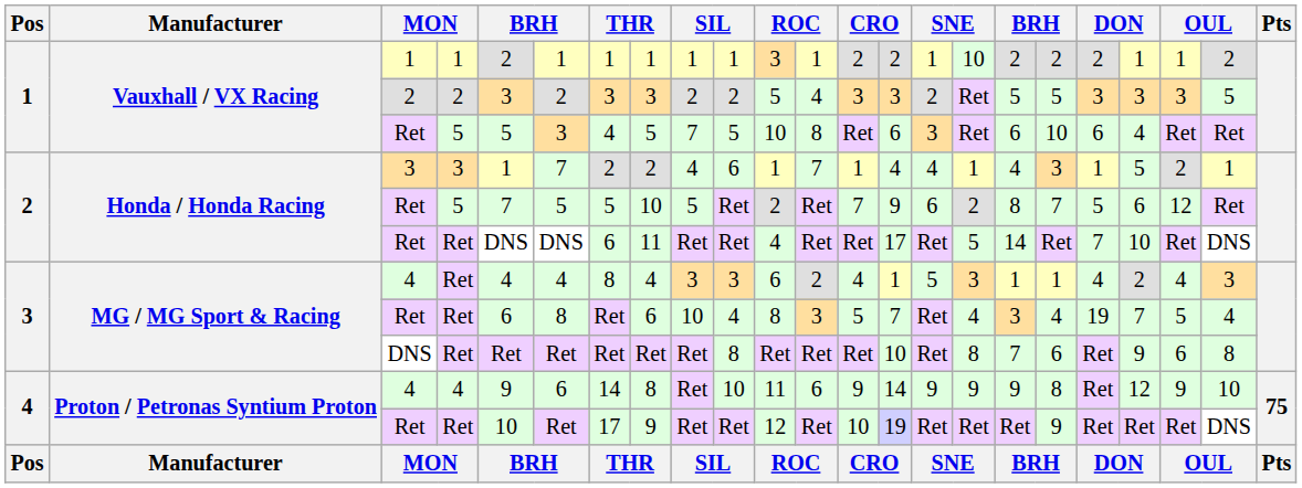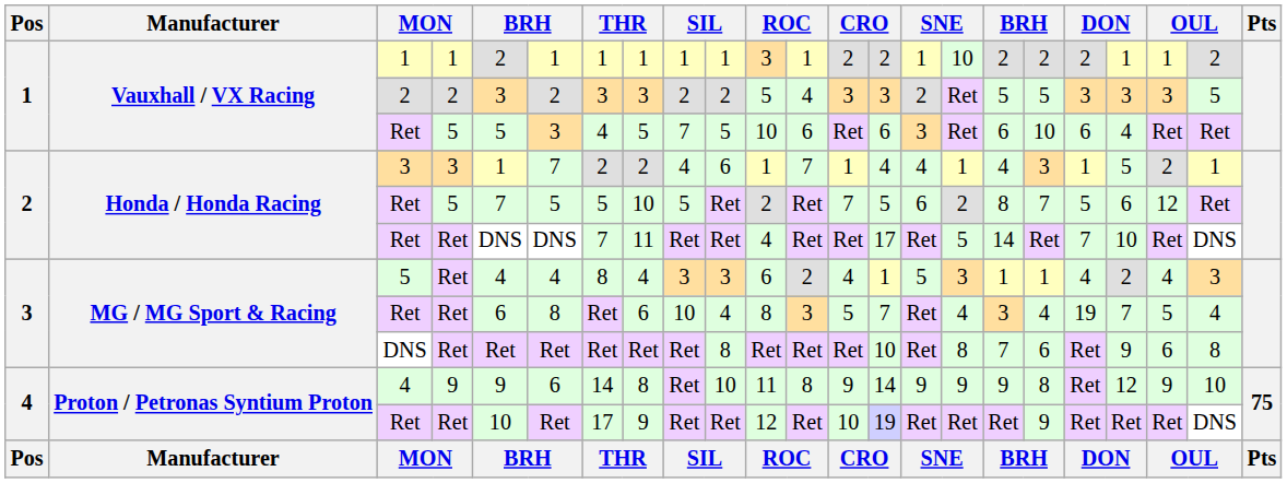 <table class="wikitable" style="font-size: 85%; text-align: center;">
 <tr valign="top">
 <th valign="middle">Pos</th>
 <th valign="middle">Manufacturer</th>
 <th colspan="2"><a href='#'>MON</a></th>
 <th colspan="2"><a href='#'>BRH</a></th>
 <th colspan="2"><a href='#'>THR</a></th>
 <th colspan="2"><a href='#'>SIL</a></th>
 <th colspan="2"><a href='#'>ROC</a></th>
 <th colspan="2"><a href='#'>CRO</a></th>
 <th colspan="2"><a href='#'>SNE</a></th>
 <th colspan="2"><a href='#'>BRH</a></th>
 <th colspan="2"><a href='#'>DON</a></th>
 <th colspan="2"><a href='#'>OUL</a></th>
 <th valign=middle>Pts</th>
 </tr>
 <tr>
 <th rowspan=3>1</th>
 <th rowspan=3 align=left><a href='#'>Vauxhall</a> / <a href='#'>VX Racing</a></th>
 <td style="background:#FFFFBF;">1</td>
 <td style="background:#FFFFBF;">1</td>
 <td style="background:#DFDFDF;">2</td>
 <td style="background:#FFFFBF;">1</td>
 <td style="background:#FFFFBF;">1</td>
 <td style="background:#FFFFBF;">1</td>
 <td style="background:#FFFFBF;">1</td>
 <td style="background:#FFFFBF;">1</td>
 <td style="background:#FFDF9F;">3</td>
 <td style="background:#FFFFBF;">1</td>
 <td style="background:#DFDFDF;">2</td>
 <td style="background:#DFDFDF;">2</td>
 <td style="background:#FFFFBF;">1</td>
 <td style="background:#DFFFDF;">10</td>
 <td style="background:#DFDFDF;">2</td>
 <td style="background:#DFDFDF;">2</td>
 <td style="background:#DFDFDF;">2</td>
 <td style="background:#FFFFBF;">1</td>
 <td style="background:#FFFFBF;">1</td>
 <td style="background:#DFDFDF;">2</td>
 <th rowspan=3></th>
 </tr>
 <tr>
 <td style="background:#DFDFDF;">2</td>
 <td style="background:#DFDFDF;">2</td>
 <td style="background:#FFDF9F;">3</td>
 <td style="background:#DFDFDF;">2</td>
 <td style="background:#FFDF9F;">3</td>
 <td style="background:#FFDF9F;">3</td>
 <td style="background:#DFDFDF;">2</td>
 <td style="background:#DFDFDF;">2</td>
 <td style="background:#DFFFDF;">5</td>
 <td style="background:#DFFFDF;">4</td>
 <td style="background:#FFDF9F;">3</td>
 <td style="background:#FFDF9F;">3</td>
 <td style="background:#DFDFDF;">2</td>
 <td style="background:#EFCFFF;">Ret</td>
 <td style="background:#DFFFDF;">5</td>
 <td style="background:#DFFFDF;">5</td>
 <td style="background:#FFDF9F;">3</td>
 <td style="background:#FFDF9F;">3</td>
 <td style="background:#FFDF9F;">3</td>
 <td style="background:#DFFFDF;">5</td>
 </tr>
 <tr>
 <td style="background:#EFCFFF;">Ret</td>
 <td style="background:#DFFFDF;">5</td>
 <td style="background:#DFFFDF;">5</td>
 <td style="background:#FFDF9F;">3</td>
 <td style="background:#DFFFDF;">4</td>
 <td style="background:#DFFFDF;">5</td>
 <td style="background:#DFFFDF;">7</td>
 <td style="background:#DFFFDF;">5</td>
 <td style="background:#DFFFDF;">10</td>
-<td style="background:#DFFFDF;">8</td>
+<td style="background:#DFFFDF;">6</td>
 <td style="background:#EFCFFF;">Ret</td>
 <td style="background:#DFFFDF;">6</td>
 <td style="background:#FFDF9F;">3</td>
 <td style="background:#EFCFFF;">Ret</td>
 <td style="background:#DFFFDF;">6</td>
 <td style="background:#DFFFDF;">10</td>
 <td style="background:#DFFFDF;">6</td>
 <td style="background:#DFFFDF;">4</td>
 <td style="background:#EFCFFF;">Ret</td>
 <td style="background:#EFCFFF;">Ret</td>
 </tr>
 <tr>
 <th rowspan=3>2</th>
 <th rowspan=3 align=left><a href='#'>Honda</a> / <a href='#'>Honda Racing</a></th>
 <td style="background:#FFDF9F;">3</td>
 <td style="background:#FFDF9F;">3</td>
 <td style="background:#FFFFBF;">1</td>
 <td style="background:#DFFFDF;">7</td>
 <td style="background:#DFDFDF;">2</td>
 <td style="background:#DFDFDF;">2</td>
 <td style="background:#DFFFDF;">4</td>
 <td style="background:#DFFFDF;">6</td>
 <td style="background:#FFFFBF;">1</td>
 <td style="background:#DFFFDF;">7</td>
 <td style="background:#FFFFBF;">1</td>
 <td style="background:#DFFFDF;">4</td>
 <td style="background:#DFFFDF;">4</td>
 <td style="background:#FFFFBF;">1</td>
 <td style="background:#DFFFDF;">4</td>
 <td style="background:#FFDF9F;">3</td>
 <td style="background:#FFFFBF;">1</td>
 <td style="background:#DFFFDF;">5</td>
 <td style="background:#DFDFDF;">2</td>
 <td style="background:#FFFFBF;">1</td>
 <th rowspan=3></th>
 </tr>
 <tr>
 <td style="background:#EFCFFF;">Ret</td>
 <td style="background:#DFFFDF;">5</td>
 <td style="background:#DFFFDF;">7</td>
 <td style="background:#DFFFDF;">5</td>
 <td style="background:#DFFFDF;">5</td>
 <td style="background:#DFFFDF;">10</td>
 <td style="background:#DFFFDF;">5</td>
 <td style="background:#EFCFFF;">Ret</td>
 <td style="background:#DFDFDF;">2</td>
 <td style="background:#EFCFFF;">Ret</td>
 <td style="background:#DFFFDF;">7</td>
-<td style="background:#DFFFDF;">9</td>
+<td style="background:#DFFFDF;">5</td>
 <td style="background:#DFFFDF;">6</td>
 <td style="background:#DFDFDF;">2</td>
 <td style="background:#DFFFDF;">8</td>
 <td style="background:#DFFFDF;">7</td>
 <td style="background:#DFFFDF;">5</td>
 <td style="background:#DFFFDF;">6</td>
 <td style="background:#DFFFDF;">12</td>
 <td style="background:#EFCFFF;">Ret</td>
 </tr>
 <tr>
 <td style="background:#EFCFFF;">Ret</td>
 <td style="background:#EFCFFF;">Ret</td>
 <td style="background:#FFFFFF;">DNS</td>
 <td style="background:#FFFFFF;">DNS</td>
-<td style="background:#DFFFDF;">6</td>
+<td style="background:#DFFFDF;">7</td>
 <td style="background:#DFFFDF;">11</td>
 <td style="background:#EFCFFF;">Ret</td>
 <td style="background:#EFCFFF;">Ret</td>
 <td style="background:#DFFFDF;">4</td>
 <td style="background:#EFCFFF;">Ret</td>
 <td style="background:#EFCFFF;">Ret</td>
 <td style="background:#DFFFDF;">17</td>
 <td style="background:#EFCFFF;">Ret</td>
 <td style="background:#DFFFDF;">5</td>
 <td style="background:#DFFFDF;">14</td>
 <td style="background:#EFCFFF;">Ret</td>
 <td style="background:#DFFFDF;">7</td>
 <td style="background:#DFFFDF;">10</td>
 <td style="background:#EFCFFF;">Ret</td>
 <td style="background:#FFFFFF;">DNS</td>
 </tr>
 <tr>
 <th rowspan=3>3</th>
 <th rowspan=3 align=left><a href='#'>MG</a> / <a href='#'>MG Sport & Racing</a></th>
-<td style="background:#DFFFDF;">4</td>
+<td style="background:#DFFFDF;">5</td>
 <td style="background:#EFCFFF;">Ret</td>
 <td style="background:#DFFFDF;">4</td>
 <td style="background:#DFFFDF;">4</td>
 <td style="background:#DFFFDF;">8</td>
 <td style="background:#DFFFDF;">4</td>
 <td style="background:#FFDF9F;">3</td>
 <td style="background:#FFDF9F;">3</td>
 <td style="background:#DFFFDF;">6</td>
 <td style="background:#DFDFDF;">2</td>
 <td style="background:#DFFFDF;">4</td>
 <td style="background:#FFFFBF;">1</td>
 <td style="background:#DFFFDF;">5</td>
 <td style="background:#FFDF9F;">3</td>
 <td style="background:#FFFFBF;">1</td>
 <td style="background:#FFFFBF;">1</td>
 <td style="background:#DFFFDF;">4</td>
 <td style="background:#DFDFDF;">2</td>
 <td style="background:#DFFFDF;">4</td>
 <td style="background:#FFDF9F;">3</td>
 <th rowspan=3></th>
 </tr>
 <tr>
 <td style="background:#EFCFFF;">Ret</td>
 <td style="background:#EFCFFF;">Ret</td>
 <td style="background:#DFFFDF;">6</td>
 <td style="background:#DFFFDF;">8</td>
 <td style="background:#EFCFFF;">Ret</td>
 <td style="background:#DFFFDF;">6</td>
 <td style="background:#DFFFDF;">10</td>
 <td style="background:#DFFFDF;">4</td>
 <td style="background:#DFFFDF;">8</td>
 <td style="background:#FFDF9F;">3</td>
 <td style="background:#DFFFDF;">5</td>
 <td style="background:#DFFFDF;">7</td>
 <td style="background:#EFCFFF;">Ret</td>
 <td style="background:#DFFFDF;">4</td>
 <td style="background:#FFDF9F;">3</td>
 <td style="background:#DFFFDF;">4</td>
 <td style="background:#DFFFDF;">19</td>
 <td style="background:#DFFFDF;">7</td>
 <td style="background:#DFFFDF;">5</td>
 <td style="background:#DFFFDF;">4</td>
 </tr>
 <tr>
 <td style="background:#FFFFFF;">DNS</td>
 <td style="background:#EFCFFF;">Ret</td>
 <td style="background:#EFCFFF;">Ret</td>
 <td style="background:#EFCFFF;">Ret</td>
 <td style="background:#EFCFFF;">Ret</td>
 <td style="background:#EFCFFF;">Ret</td>
 <td style="background:#EFCFFF;">Ret</td>
 <td style="background:#DFFFDF;">8</td>
 <td style="background:#EFCFFF;">Ret</td>
 <td style="background:#EFCFFF;">Ret</td>
 <td style="background:#EFCFFF;">Ret</td>
 <td style="background:#DFFFDF;">10</td>
 <td style="background:#EFCFFF;">Ret</td>
 <td style="background:#DFFFDF;">8</td>
 <td style="background:#DFFFDF;">7</td>
 <td style="background:#DFFFDF;">6</td>
 <td style="background:#EFCFFF;">Ret</td>
 <td style="background:#DFFFDF;">9</td>
 <td style="background:#DFFFDF;">6</td>
 <td style="background:#DFFFDF;">8</td>
 </tr>
 <tr>
 <th rowspan=2>4</th>
 <th rowspan=2 align=left nowrap><a href='#'>Proton</a> / <a href='#'>Petronas Syntium Proton</a></th>
 <td style="background:#DFFFDF;">4</td>
-<td style="background:#DFFFDF;">4</td>
+<td style="background:#DFFFDF;">9</td>
 <td style="background:#DFFFDF;">9</td>
 <td style="background:#DFFFDF;">6</td>
 <td style="background:#DFFFDF;">14</td>
 <td style="background:#DFFFDF;">8</td>
 <td style="background:#EFCFFF;">Ret</td>
 <td style="background:#DFFFDF;">10</td>
 <td style="background:#DFFFDF;">11</td>
-<td style="background:#DFFFDF;">6</td>
+<td style="background:#DFFFDF;">8</td>
 <td style="background:#DFFFDF;">9</td>
 <td style="background:#DFFFDF;">14</td>
 <td style="background:#DFFFDF;">9</td>
 <td style="background:#DFFFDF;">9</td>
 <td style="background:#DFFFDF;">9</td>
 <td style="background:#DFFFDF;">8</td>
 <td style="background:#EFCFFF;">Ret</td>
 <td style="background:#DFFFDF;">12</td>
 <td style="background:#DFFFDF;">9</td>
 <td style="background:#DFFFDF;">10</td>
 <th rowspan=2>75</th>
 </tr>
 <tr>
 <td style="background:#EFCFFF;">Ret</td>
 <td style="background:#EFCFFF;">Ret</td>
 <td style="background:#DFFFDF;">10</td>
 <td style="background:#EFCFFF;">Ret</td>
 <td style="background:#DFFFDF;">17</td>
 <td style="background:#DFFFDF;">9</td>
 <td style="background:#EFCFFF;">Ret</td>
 <td style="background:#EFCFFF;">Ret</td>
 <td style="background:#DFFFDF;">12</td>
 <td style="background:#EFCFFF;">Ret</td>
 <td style="background:#DFFFDF;">10</td>
 <td style="background:#CFCFFF;">19</td>
 <td style="background:#EFCFFF;">Ret</td>
 <td style="background:#EFCFFF;">Ret</td>
 <td style="background:#EFCFFF;">Ret</td>
 <td style="background:#DFFFDF;">9</td>
 <td style="background:#EFCFFF;">Ret</td>
 <td style="background:#EFCFFF;">Ret</td>
 <td style="background:#EFCFFF;">Ret</td>
 <td style="background:#FFFFFF;">DNS</td>
 </tr>
 <tr>
 <th valign="middle">Pos</th>
 <th valign="middle">Manufacturer</th>
 <th colspan="2"><a href='#'>MON</a></th>
 <th colspan="2"><a href='#'>BRH</a></th>
 <th colspan="2"><a href='#'>THR</a></th>
 <th colspan="2"><a href='#'>SIL</a></th>
 <th colspan="2"><a href='#'>ROC</a></th>
 <th colspan="2"><a href='#'>CRO</a></th>
 <th colspan="2"><a href='#'>SNE</a></th>
 <th colspan="2"><a href='#'>BRH</a></th>
 <th colspan="2"><a href='#'>DON</a></th>
 <th colspan="2"><a href='#'>OUL</a></th>
 <th valign=middle>Pts</th>
 </tr>
 </table>
